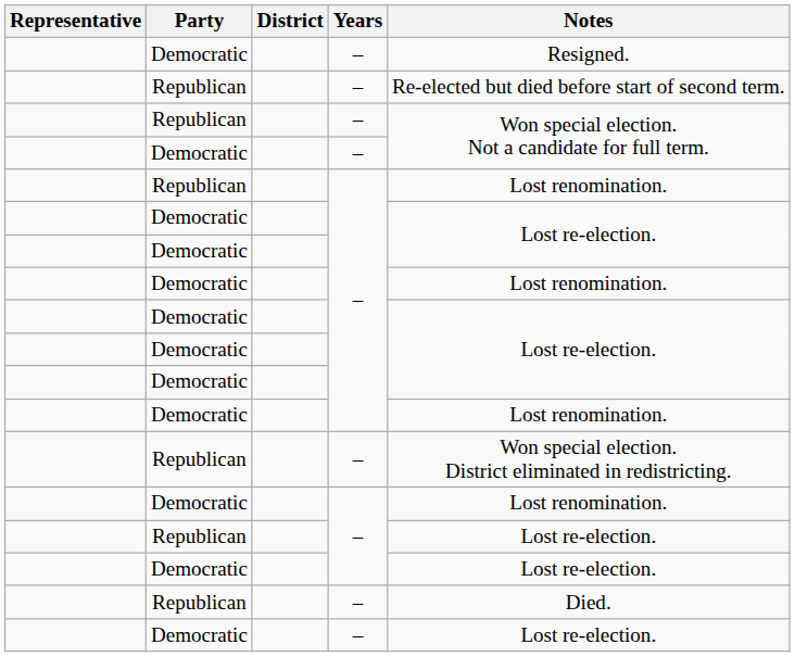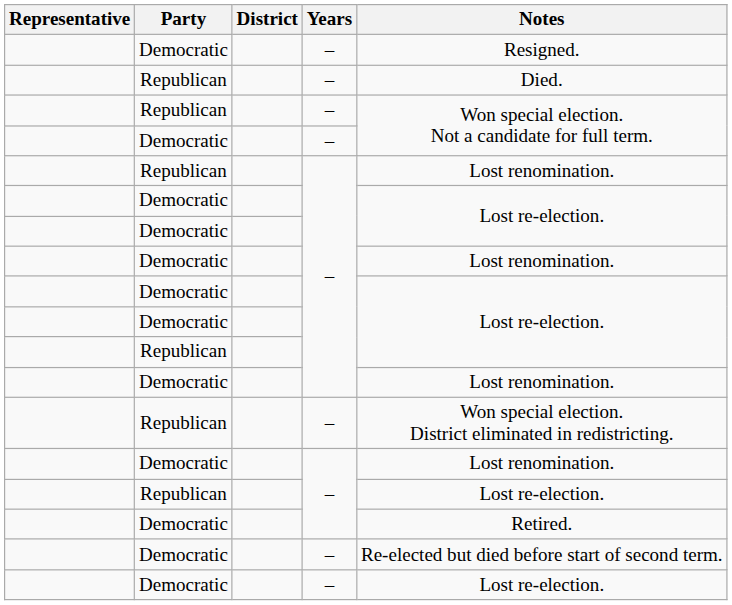 <table class="wikitable sortable" style="text-align:center">
 <tr valign=bottom>
 <th>Representative</th>
 <th>Party</th>
 <th>District</th>
 <th>Years</th>
 <th>Notes</th>
 </tr>
 <tr>
 <td align=left></td>
 <td>Democratic</td>
 <td></td>
 <td nowrap> –<br></td>
 <td>Resigned.</td>
 </tr>
 <tr>
 <td align=left></td>
 <td>Republican</td>
 <td></td>
 <td nowrap> –<br></td>
-<td>Re-elected but died before start of second term.</td>
+<td>Died.</td>
 </tr>
 <tr>
 <td align=left></td>
 <td>Republican</td>
 <td></td>
 <td nowrap> –<br></td>
 <td rowspan="2">Won special election.<br>Not a candidate for full term.</td>
 </tr>
 <tr>
 <td align=left></td>
 <td>Democratic</td>
 <td></td>
 <td nowrap> –<br></td>
 </tr>
 <tr>
 <td align=left></td>
 <td>Republican</td>
 <td></td>
 <td rowspan="8" nowrap=""> –<br></td>
 <td>Lost renomination.</td>
 </tr>
 <tr>
 <td align=left></td>
 <td>Democratic</td>
 <td></td>
 <td rowspan="2">Lost re-election.</td>
 </tr>
 <tr>
 <td align=left></td>
 <td>Democratic</td>
 <td></td>
 </tr>
 <tr>
 <td align=left></td>
 <td>Democratic</td>
 <td></td>
 <td>Lost renomination.</td>
 </tr>
 <tr>
 <td align=left></td>
 <td>Democratic</td>
 <td></td>
 <td rowspan="3">Lost re-election.</td>
 </tr>
 <tr>
 <td align=left></td>
 <td>Democratic</td>
 <td></td>
 </tr>
 <tr>
 <td align=left></td>
-<td>Democratic</td>
+<td>Republican</td>
 <td></td>
 </tr>
 <tr>
 <td align=left></td>
 <td>Democratic</td>
 <td></td>
 <td>Lost renomination.</td>
 </tr>
 <tr>
 <td align=left></td>
 <td>Republican</td>
 <td></td>
 <td nowrap> –<br></td>
 <td>Won special election.<br>District eliminated in redistricting.</td>
 </tr>
 <tr>
 <td align=left></td>
 <td>Democratic</td>
 <td></td>
 <td rowspan="3" nowrap=""> –<br></td>
 <td>Lost renomination.</td>
 </tr>
 <tr>
 <td align=left></td>
 <td>Republican</td>
 <td></td>
 <td>Lost re-election.</td>
 </tr>
 <tr>
 <td align=left></td>
 <td>Democratic</td>
 <td></td>
-<td>Lost re-election.</td>
+<td>Retired.</td>
 </tr>
 <tr>
 <td align=left></td>
-<td>Republican</td>
+<td>Democratic</td>
 <td></td>
 <td nowrap> –<br></td>
-<td>Died.</td>
+<td>Re-elected but died before start of second term.</td>
 </tr>
 <tr>
 <td align=left></td>
 <td>Democratic</td>
 <td></td>
 <td nowrap> –<br></td>
 <td>Lost re-election.</td>
 </tr>
 </table>
